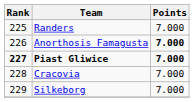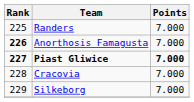 <table class="wikitable" style="text-align: center;">
 <tr>
 <th>Rank</th>
 <th>Team</th>
 <th>Points</th>
 </tr>
 <tr>
 <td>225</td>
 <td align=left> <a href='#'>Randers</a></td>
 <td>7.000</td>
 </tr>
 <tr>
-<td>226</td>
+<td><strong>226</strong></td>
 <td align=left> <a href='#'>Anorthosis Famagusta</a></td>
-<td><strong>7.000</strong></td>
+<td>7.000</td>
 </tr>
 <tr>
 <td><strong>227</strong></td>
 <td align=left> <strong>Piast Gliwice</strong></td>
 <td><strong>7.000</strong></td>
 </tr>
 <tr>
 <td>228</td>
 <td align=left> <a href='#'>Cracovia</a></td>
 <td>7.000</td>
 </tr>
 <tr>
 <td>229</td>
 <td align=left> <a href='#'>Silkeborg</a></td>
 <td>7.000</td>
 </tr>
 <tr>
 </tr>
 </table>
